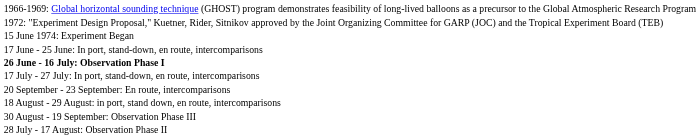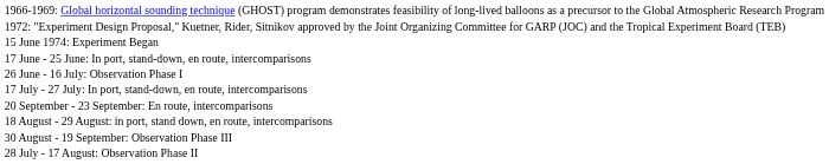 <table>
 <tr>
 <td>1966-1969: <a href='#'>Global horizontal sounding technique</a> (GHOST) program demonstrates feasibility of long-lived balloons as a precursor to the Global Atmospheric Research Program</td>
 </tr>
 <tr>
 <td>1972: "Experiment Design Proposal," Kuetner, Rider, Sitnikov approved by the Joint Organizing Committee for GARP (JOC) and the Tropical Experiment Board (TEB)</td>
 </tr>
 <tr>
 <td>15 June 1974: Experiment Began</td>
 </tr>
 <tr>
 <td>17 June - 25 June: In port, stand-down, en route, intercomparisons</td>
 </tr>
 <tr>
-<td><strong>26 June - 16 July: Observation Phase I</strong></td>
+<td>26 June - 16 July: Observation Phase I</td>
 </tr>
 <tr>
 <td>17 July - 27 July: In port, stand-down, en route, intercomparisons</td>
 </tr>
 <tr>
 <td>20 September - 23 September: En route, intercomparisons </td>
 </tr>
 <tr>
 <td>18 August - 29 August: in port, stand down, en route, intercomparisons</td>
 </tr>
 <tr>
 <td>30 August - 19 September: Observation Phase III</td>
 </tr>
 <tr>
 <td>28 July - 17 August: Observation Phase II</td>
 </tr>
 </table>
